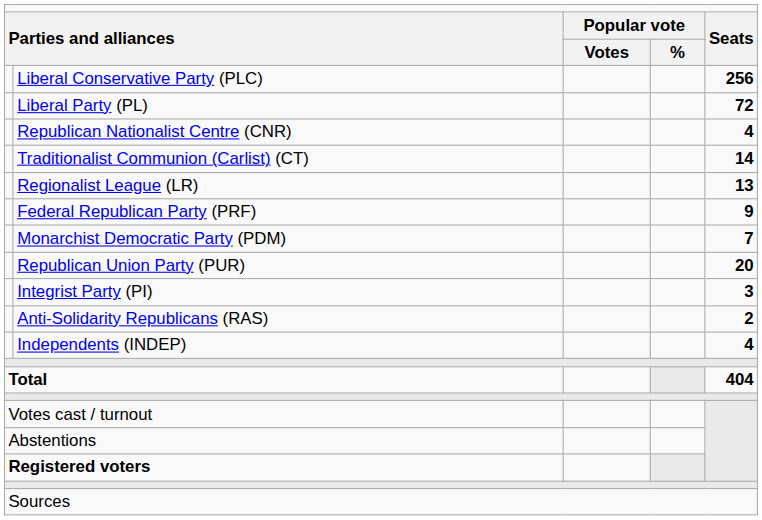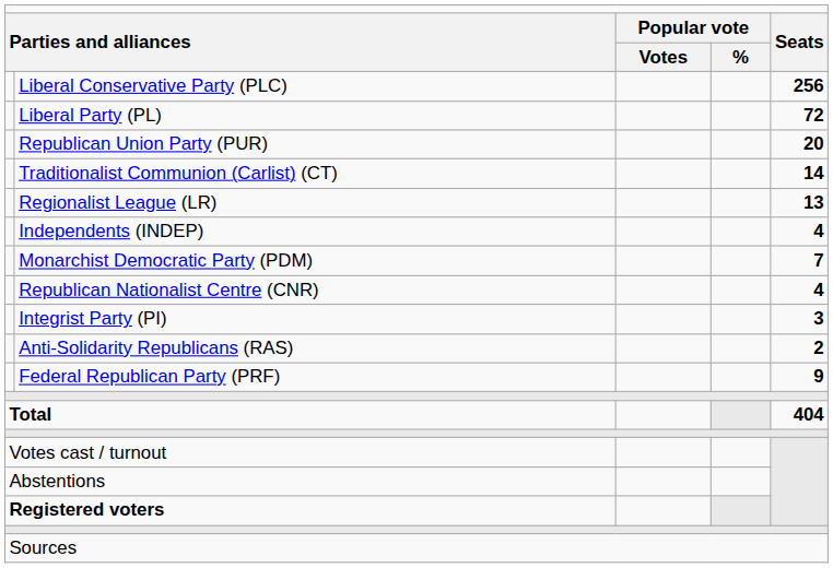 <table class="wikitable" style="text-align:right;">
 <tr>
 <td colspan="5"></td>
 </tr>
 <tr>
 <th style="text-align:left;" rowspan="2" colspan="2" width="525">Parties and alliances</th>
 <th colspan="2">Popular vote</th>
 <th rowspan="2" width="35">Seats</th>
 </tr>
 <tr>
 <th width="75">Votes</th>
 <th width="45">%</th>
 </tr>
 <tr>
 <td width="1" style="color:inherit;background:"></td>
 <td align="left"><a href='#'>Liberal Conservative Party</a> (PLC)</td>
 <td></td>
 <td></td>
 <td><strong>256</strong></td>
 </tr>
 <tr>
 <td style="color:inherit;background:"></td>
 <td align="left"><a href='#'>Liberal Party</a> (PL)</td>
 <td></td>
 <td></td>
 <td><strong>72</strong></td>
 </tr>
 <tr>
 <td style="color:inherit;background:"></td>
-<td align="left"><a href='#'>Republican Nationalist Centre</a> (CNR)</td>
+<td align="left"><a href='#'>Republican Union Party</a> (PUR)</td>
 <td></td>
 <td></td>
-<td><strong>4</strong></td>
+<td><strong>20</strong></td>
 </tr>
 <tr>
 <td style="color:inherit;background:"></td>
 <td align="left"><a href='#'>Traditionalist Communion (Carlist)</a> (CT)</td>
 <td></td>
 <td></td>
 <td><strong>14</strong></td>
 </tr>
 <tr>
 <td style="color:inherit;background:"></td>
 <td align="left"><a href='#'>Regionalist League</a> (LR)</td>
 <td></td>
 <td></td>
 <td><strong>13</strong></td>
 </tr>
 <tr>
 <td style="color:inherit;background:"></td>
-<td align="left"><a href='#'>Federal Republican Party</a> (PRF)</td>
+<td align="left"><a href='#'>Independents</a> (INDEP)</td>
 <td></td>
 <td></td>
-<td><strong>9</strong></td>
+<td><strong>4</strong></td>
 </tr>
 <tr>
 <td style="color:inherit;background:"></td>
 <td align="left"><a href='#'>Monarchist Democratic Party</a> (PDM)</td>
 <td></td>
 <td></td>
 <td><strong>7</strong></td>
 </tr>
 <tr>
 <td style="color:inherit;background:"></td>
-<td align="left"><a href='#'>Republican Union Party</a> (PUR)</td>
+<td align="left"><a href='#'>Republican Nationalist Centre</a> (CNR)</td>
 <td></td>
 <td></td>
-<td><strong>20</strong></td>
+<td><strong>4</strong></td>
 </tr>
 <tr>
 <td style="color:inherit;background:"></td>
 <td align="left"><a href='#'>Integrist Party</a> (PI)</td>
 <td></td>
 <td></td>
 <td><strong>3</strong></td>
 </tr>
 <tr>
 <td style="color:inherit;background:"></td>
 <td align="left"><a href='#'>Anti-Solidarity Republicans</a> (RAS)</td>
 <td></td>
 <td></td>
 <td><strong>2</strong></td>
 </tr>
 <tr>
 <td style="color:inherit;background:"></td>
-<td align="left"><a href='#'>Independents</a> (INDEP)</td>
+<td align="left"><a href='#'>Federal Republican Party</a> (PRF)</td>
 <td></td>
 <td></td>
-<td><strong>4</strong></td>
+<td><strong>9</strong></td>
 </tr>
 <tr>
 <td colspan="5" bgcolor="#E9E9E9"></td>
 </tr>
 <tr style="font-weight:bold;">
 <td align="left" colspan="2">Total</td>
 <td></td>
 <td bgcolor="#E9E9E9"></td>
 <td>404</td>
 </tr>
 <tr>
 <td colspan="5" bgcolor="#E9E9E9"></td>
 </tr>
 <tr>
 <td align="left" colspan="2">Votes cast / turnout</td>
 <td></td>
 <td></td>
 <td bgcolor="#E9E9E9" rowspan="3"></td>
 </tr>
 <tr>
 <td align="left" colspan="2">Abstentions</td>
 <td></td>
 <td></td>
 </tr>
 <tr style="font-weight:bold;">
 <td align="left" colspan="2">Registered voters</td>
 <td></td>
 <td bgcolor="#E9E9E9"></td>
 </tr>
 <tr>
 <td colspan="5" bgcolor="#E9E9E9"></td>
 </tr>
 <tr>
 <td align="left" colspan="5">Sources</td>
 </tr>
 </table>
